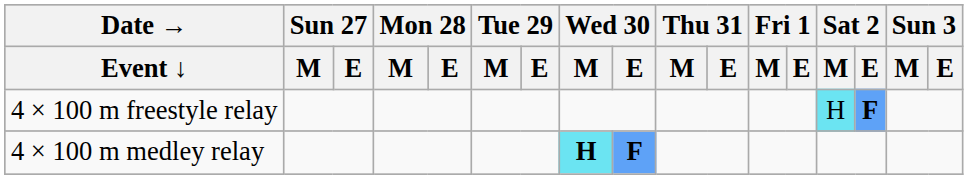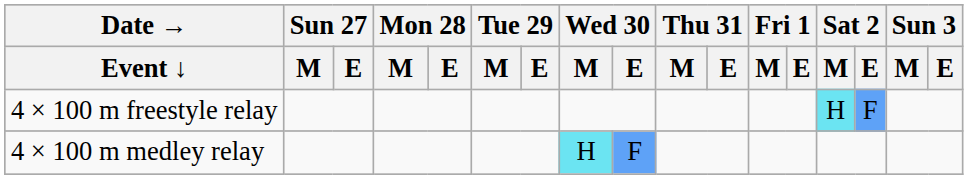 <table class="wikitable">
 <tr style="text-align:center;">
 <th>Date →</th>
 <th colspan="2">Sun 27</th>
 <th colspan="2">Mon 28</th>
 <th colspan="2">Tue 29</th>
 <th colspan="2">Wed 30</th>
 <th colspan="2">Thu 31</th>
 <th colspan="2">Fri 1</th>
 <th colspan="2">Sat 2</th>
 <th colspan="2">Sun 3</th>
 </tr>
 <tr>
 <th>Event ↓</th>
 <th>M</th>
 <th>E</th>
 <th>M</th>
 <th>E</th>
 <th>M</th>
 <th>E</th>
 <th>M</th>
 <th>E</th>
 <th>M</th>
 <th>E</th>
 <th>M</th>
 <th>E</th>
 <th>M</th>
 <th>E</th>
 <th>M</th>
 <th>E</th>
 </tr>
 <tr>
 <td class=event>4 × 100 m freestyle relay</td>
 <td colspan=2></td>
 <td colspan=2></td>
 <td colspan=2></td>
 <td colspan=2></td>
 <td colspan=2></td>
 <td colspan=2></td>
 <td style="background-color:#6be4f2; text-align:center;">H</td>
-<td style="background-color:#5ea2f7; text-align:center;"><strong>F</strong></td>
+<td style="background-color:#5ea2f7; text-align:center;">F</td>
 <td colspan=2></td>
 </tr>
 <tr>
 <td class=event>4 × 100 m medley relay</td>
 <td colspan=2></td>
 <td colspan=2></td>
 <td colspan=2></td>
-<td style="background-color:#6be4f2; text-align:center;"><strong>H</strong></td>
-<td style="background-color:#5ea2f7; text-align:center;"><strong>F</strong></td>
+<td style="background-color:#6be4f2; text-align:center;">H</td>
+<td style="background-color:#5ea2f7; text-align:center;">F</td>
 <td colspan=2></td>
 <td colspan=2></td>
 <td colspan=2></td>
 <td colspan=2></td>
 </tr>
 </table>
